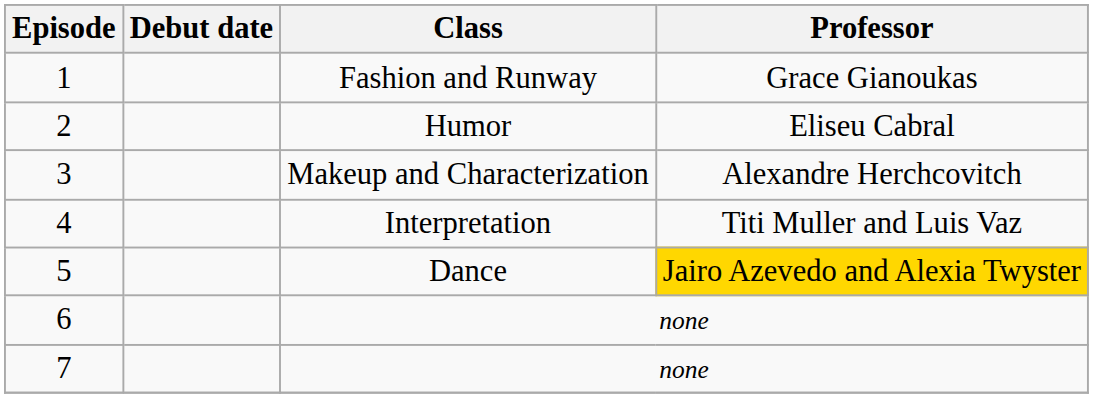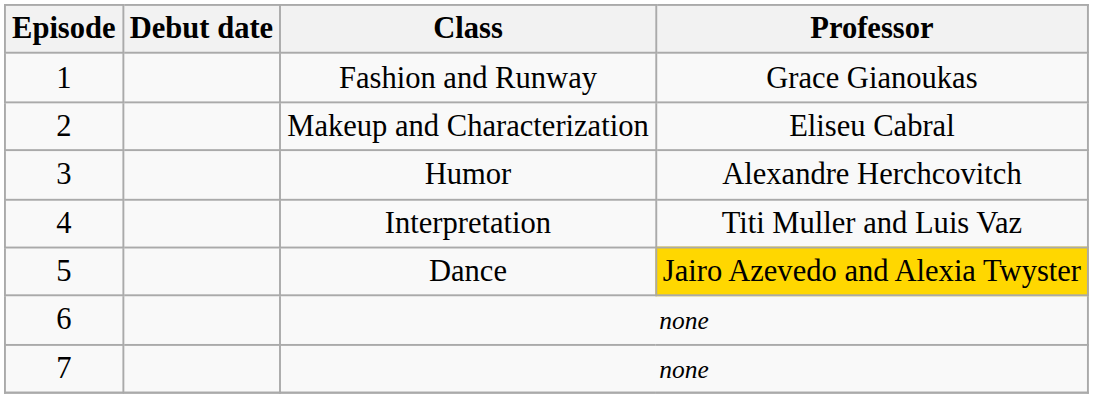 <table class="wikitable" border="2" style="text-align:center">
 <tr>
 <th>Episode</th>
 <th>Debut date</th>
 <th>Class</th>
 <th>Professor</th>
 </tr>
 <tr>
 <td>1</td>
 <td></td>
 <td>Fashion and Runway</td>
 <td>Grace Gianoukas</td>
 </tr>
 <tr>
 <td>2</td>
 <td></td>
-<td>Humor</td>
+<td>Makeup and Characterization</td>
 <td>Eliseu Cabral</td>
 </tr>
 <tr>
 <td>3</td>
 <td></td>
-<td>Makeup and Characterization</td>
+<td>Humor</td>
 <td>Alexandre Herchcovitch</td>
 </tr>
 <tr>
 <td>4</td>
 <td></td>
 <td>Interpretation</td>
 <td>Titi Muller and Luis Vaz</td>
 </tr>
 <tr>
 <td>5</td>
 <td></td>
 <td>Dance</td>
 <td style="background: gold;">Jairo Azevedo and Alexia Twyster</td>
 </tr>
 <tr>
 <td>6</td>
 <td></td>
 <td colspan="2"><small><em>none</em></small></td>
 </tr>
 <tr>
 <td>7</td>
 <td></td>
 <td colspan="2"><small><em>none</em></small></td>
 </tr>
 <tr>
 </tr>
 </table>
